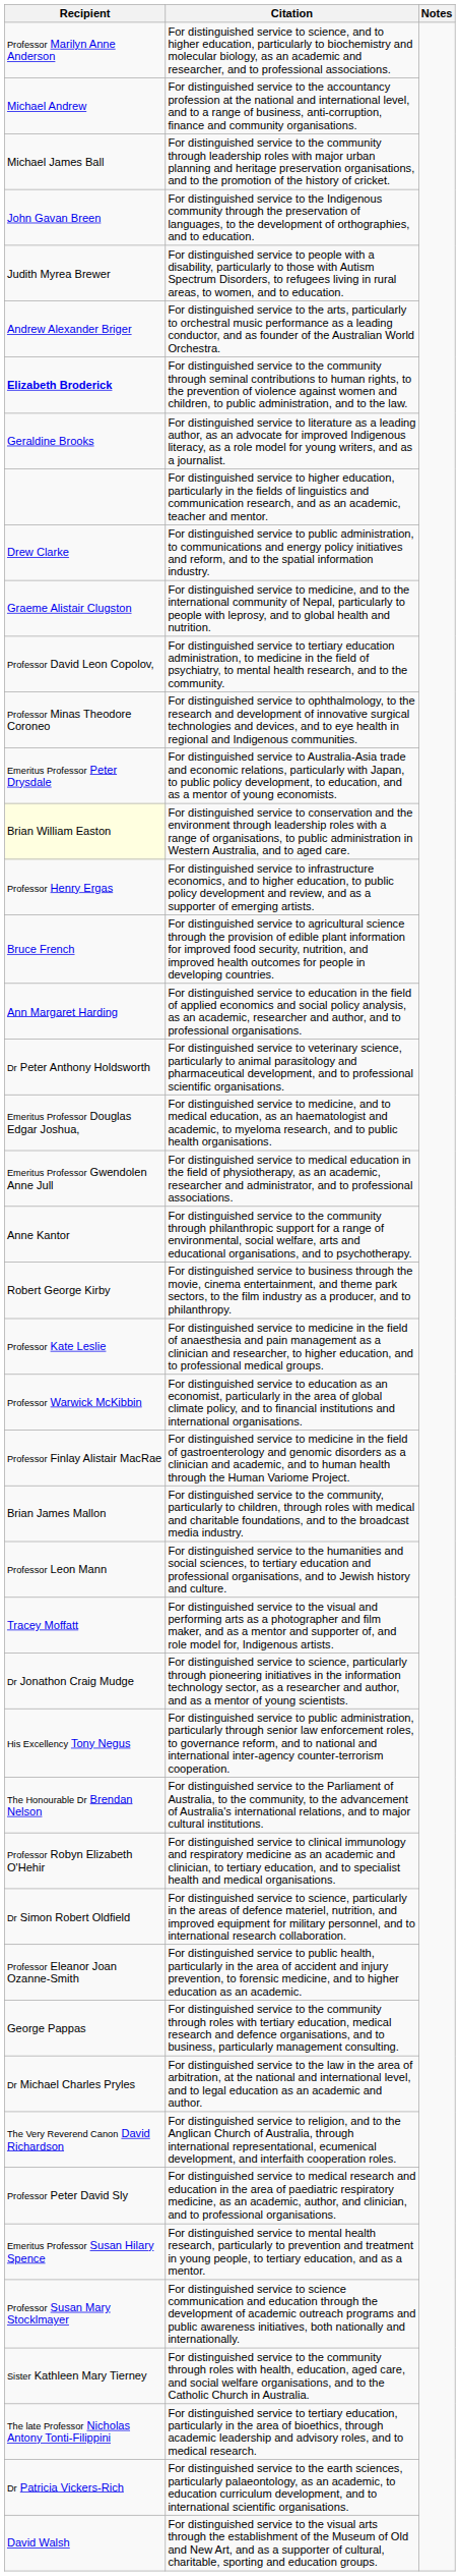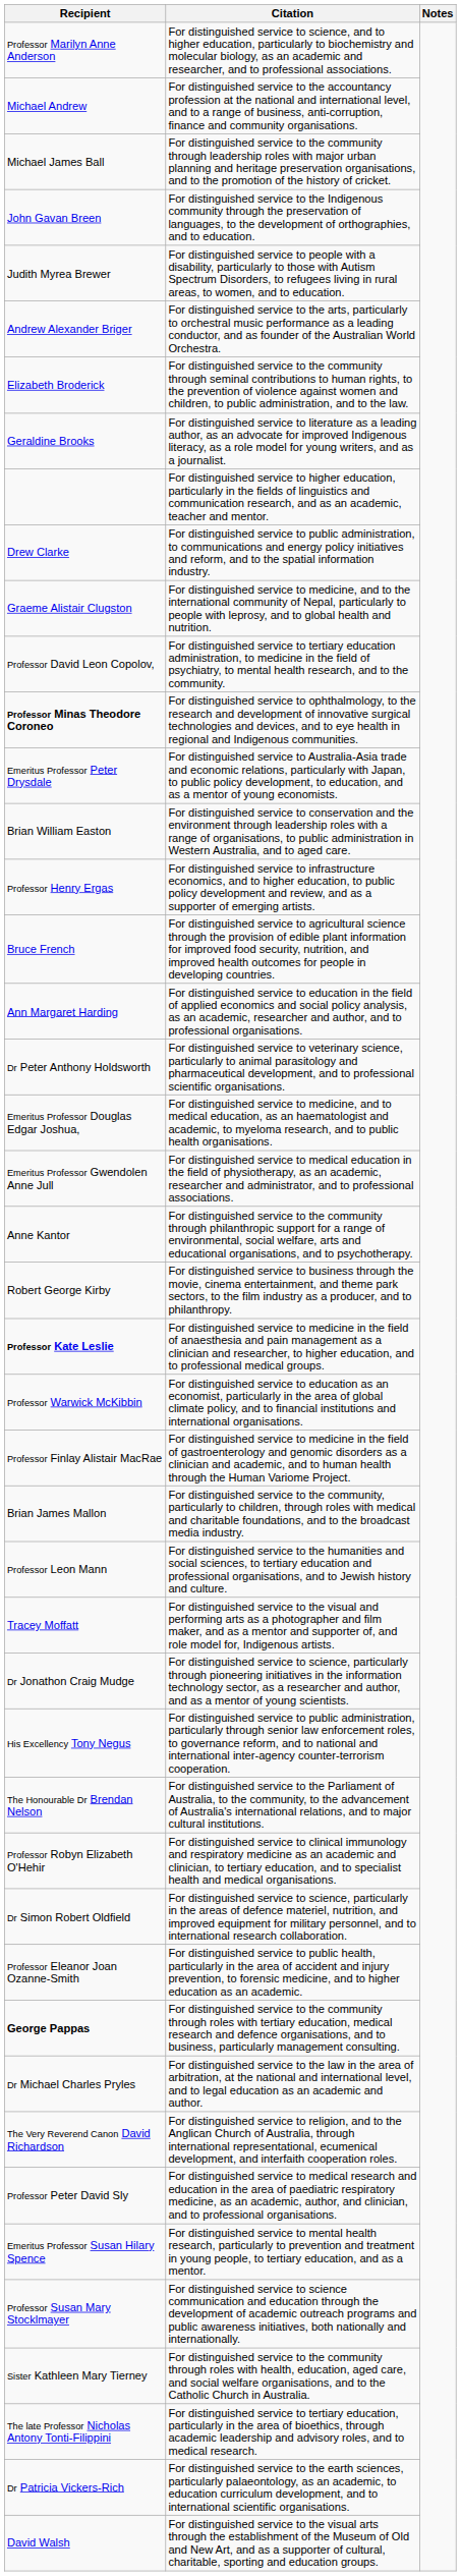 <table class="wikitable" style="font-size:95%;">
 <tr>
 <th width="210">Recipient</th>
 <th>Citation</th>
 <th>Notes</th>
 </tr>
 <tr>
 <td><small>Professor</small> <a href='#'>Marilyn Anne Anderson</a></td>
 <td>For distinguished service to science, and to higher education, particularly to biochemistry and molecular biology, as an academic and researcher, and to professional associations.</td>
 <td rowspan=45></td>
 </tr>
 <tr>
 <td><a href='#'>Michael Andrew</a></td>
 <td>For distinguished service to the accountancy profession at the national and international level, and to a range of business, anti-corruption, finance and community organisations.</td>
 </tr>
 <tr>
 <td>Michael James Ball </td>
 <td>For distinguished service to the community through leadership roles with major urban planning and heritage preservation organisations, and to the promotion of the history of cricket.</td>
 </tr>
 <tr>
 <td><a href='#'>John Gavan Breen</a></td>
 <td>For distinguished service to the Indigenous community through the preservation of languages, to the development of orthographies, and to education.</td>
 </tr>
 <tr>
 <td>Judith Myrea Brewer</td>
 <td>For distinguished service to people with a disability, particularly to those with Autism Spectrum Disorders, to refugees living in rural areas, to women, and to education.</td>
 </tr>
 <tr>
 <td><a href='#'>Andrew Alexander Briger</a></td>
 <td>For distinguished service to the arts, particularly to orchestral music performance as a leading conductor, and as founder of the Australian World Orchestra.</td>
 </tr>
 <tr>
-<td><strong><a href='#'>Elizabeth Broderick</a></strong></td>
+<td><a href='#'>Elizabeth Broderick</a></td>
 <td>For distinguished service to the community through seminal contributions to human rights, to the prevention of violence against women and children, to public administration, and to the law.</td>
 </tr>
 <tr>
 <td><a href='#'>Geraldine Brooks</a></td>
 <td>For distinguished service to literature as a leading author, as an advocate for improved Indigenous literacy, as a role model for young writers, and as a journalist.</td>
 </tr>
 <tr>
 <td></td>
 <td>For distinguished service to higher education, particularly in the fields of linguistics and communication research, and as an academic, teacher and mentor.</td>
 </tr>
 <tr>
 <td><a href='#'>Drew Clarke</a> </td>
 <td>For distinguished service to public administration, to communications and energy policy initiatives and reform, and to the spatial information industry.</td>
 </tr>
 <tr>
 <td><a href='#'>Graeme Alistair Clugston</a></td>
 <td>For distinguished service to medicine, and to the international community of Nepal, particularly to people with leprosy, and to global health and nutrition.</td>
 </tr>
 <tr>
 <td><small>Professor</small> David Leon Copolov, </td>
 <td>For distinguished service to tertiary education administration, to medicine in the field of psychiatry, to mental health research, and to the community.</td>
 </tr>
 <tr>
-<td><small>Professor</small> Minas Theodore Coroneo</td>
+<td><strong><small>Professor</small> Minas Theodore Coroneo</strong></td>
 <td>For distinguished service to ophthalmology, to the research and development of innovative surgical technologies and devices, and to eye health in regional and Indigenous communities.</td>
 </tr>
 <tr>
 <td><small>Emeritus Professor</small> <a href='#'>Peter Drysdale</a> </td>
 <td>For distinguished service to Australia-Asia trade and economic relations, particularly with Japan, to public policy development, to education, and as a mentor of young economists.</td>
 </tr>
 <tr>
-<td style="background: lightyellow;">Brian William Easton</td>
+<td>Brian William Easton</td>
 <td>For distinguished service to conservation and the environment through leadership roles with a range of organisations, to public administration in Western Australia, and to aged care.</td>
 </tr>
 <tr>
 <td><small>Professor</small> <a href='#'>Henry Ergas</a></td>
 <td>For distinguished service to infrastructure economics, and to higher education, to public policy development and review, and as a supporter of emerging artists.</td>
 </tr>
 <tr>
 <td><a href='#'>Bruce French</a></td>
 <td>For distinguished service to agricultural science through the provision of edible plant information for improved food security, nutrition, and improved health outcomes for people in developing countries.</td>
 </tr>
 <tr>
 <td><a href='#'>Ann Margaret Harding</a></td>
 <td>For distinguished service to education in the field of applied economics and social policy analysis, as an academic, researcher and author, and to professional organisations.</td>
 </tr>
 <tr>
 <td><small>Dr</small> Peter Anthony Holdsworth</td>
 <td>For distinguished service to veterinary science, particularly to animal parasitology and pharmaceutical development, and to professional scientific organisations.</td>
 </tr>
 <tr>
 <td><small>Emeritus Professor</small> Douglas Edgar Joshua, </td>
 <td>For distinguished service to medicine, and to medical education, as an haematologist and academic, to myeloma research, and to public health organisations.</td>
 </tr>
 <tr>
 <td><small>Emeritus Professor</small> Gwendolen Anne Jull</td>
 <td>For distinguished service to medical education in the field of physiotherapy, as an academic, researcher and administrator, and to professional associations.</td>
 </tr>
 <tr>
 <td>Anne Kantor</td>
 <td>For distinguished service to the community through philanthropic support for a range of environmental, social welfare, arts and educational organisations, and to psychotherapy.</td>
 </tr>
 <tr>
 <td>Robert George Kirby</td>
 <td>For distinguished service to business through the movie, cinema entertainment, and theme park sectors, to the film industry as a producer, and to philanthropy.</td>
 </tr>
 <tr>
-<td><small>Professor</small> <a href='#'>Kate Leslie</a></td>
+<td><strong><small>Professor</small> <a href='#'>Kate Leslie</a></strong></td>
 <td>For distinguished service to medicine in the field of anaesthesia and pain management as a clinician and researcher, to higher education, and to professional medical groups.</td>
 </tr>
 <tr>
 <td><small>Professor</small> <a href='#'>Warwick McKibbin</a></td>
 <td>For distinguished service to education as an economist, particularly in the area of global climate policy, and to financial institutions and international organisations.</td>
 </tr>
 <tr>
 <td><small>Professor</small> Finlay Alistair MacRae</td>
 <td>For distinguished service to medicine in the field of gastroenterology and genomic disorders as a clinician and academic, and to human health through the Human Variome Project.</td>
 </tr>
 <tr>
 <td>Brian James Mallon</td>
 <td>For distinguished service to the community, particularly to children, through roles with medical and charitable foundations, and to the broadcast media industry.</td>
 </tr>
 <tr>
 <td><small>Professor</small> Leon Mann</td>
 <td>For distinguished service to the humanities and social sciences, to tertiary education and professional organisations, and to Jewish history and culture.</td>
 </tr>
 <tr>
 <td><a href='#'>Tracey Moffatt</a></td>
 <td>For distinguished service to the visual and performing arts as a photographer and film maker, and as a mentor and supporter of, and role model for, Indigenous artists.</td>
 </tr>
 <tr>
 <td><small>Dr</small> Jonathon Craig Mudge</td>
 <td>For distinguished service to science, particularly through pioneering initiatives in the information technology sector, as a researcher and author, and as a mentor of young scientists.</td>
 </tr>
 <tr>
 <td><small>His Excellency</small> <a href='#'>Tony Negus</a> </td>
 <td>For distinguished service to public administration, particularly through senior law enforcement roles, to governance reform, and to national and international inter-agency counter-terrorism cooperation.</td>
 </tr>
 <tr>
 <td><small>The Honourable Dr</small> <a href='#'>Brendan Nelson</a></td>
 <td>For distinguished service to the Parliament of Australia, to the community, to the advancement of Australia's international relations, and to major cultural institutions.</td>
 </tr>
 <tr>
 <td><small>Professor</small> Robyn Elizabeth O'Hehir</td>
 <td>For distinguished service to clinical immunology and respiratory medicine as an academic and clinician, to tertiary education, and to specialist health and medical organisations.</td>
 </tr>
 <tr>
 <td><small>Dr</small> Simon Robert Oldfield</td>
 <td>For distinguished service to science, particularly in the areas of defence materiel, nutrition, and improved equipment for military personnel, and to international research collaboration.</td>
 </tr>
 <tr>
 <td><small>Professor</small> Eleanor Joan Ozanne-Smith</td>
 <td>For distinguished service to public health, particularly in the area of accident and injury prevention, to forensic medicine, and to higher education as an academic.</td>
 </tr>
 <tr>
-<td>George Pappas</td>
+<td><strong>George Pappas</strong></td>
 <td>For distinguished service to the community through roles with tertiary education, medical research and defence organisations, and to business, particularly management consulting.</td>
 </tr>
 <tr>
 <td><small>Dr</small> Michael Charles Pryles </td>
 <td>For distinguished service to the law in the area of arbitration, at the national and international level, and to legal education as an academic and author.</td>
 </tr>
 <tr>
 <td><small>The Very Reverend Canon</small> <a href='#'>David Richardson</a> </td>
 <td>For distinguished service to religion, and to the Anglican Church of Australia, through international representational, ecumenical development, and interfaith cooperation roles.</td>
 </tr>
 <tr>
 <td><small>Professor</small> Peter David Sly</td>
 <td>For distinguished service to medical research and education in the area of paediatric respiratory medicine, as an academic, author, and clinician, and to professional organisations.</td>
 </tr>
 <tr>
 <td><small>Emeritus Professor</small> <a href='#'>Susan Hilary Spence</a></td>
 <td>For distinguished service to mental health research, particularly to prevention and treatment in young people, to tertiary education, and as a mentor.</td>
 </tr>
 <tr>
 <td><small>Professor</small> <a href='#'>Susan Mary Stocklmayer</a> </td>
 <td>For distinguished service to science communication and education through the development of academic outreach programs and public awareness initiatives, both nationally and internationally.</td>
 </tr>
 <tr>
 <td><small>Sister</small> Kathleen Mary Tierney</td>
 <td>For distinguished service to the community through roles with health, education, aged care, and social welfare organisations, and to the Catholic Church in Australia.</td>
 </tr>
 <tr>
 <td><small>The late Professor</small> <a href='#'>Nicholas Antony Tonti-Filippini</a></td>
 <td>For distinguished service to tertiary education, particularly in the area of bioethics, through academic leadership and advisory roles, and to medical research.</td>
 </tr>
 <tr>
 <td><small>Dr</small> <a href='#'>Patricia Vickers-Rich</a></td>
 <td>For distinguished service to the earth sciences, particularly palaeontology, as an academic, to education curriculum development, and to international scientific organisations.</td>
 </tr>
 <tr>
 <td><a href='#'>David Walsh</a></td>
 <td>For distinguished service to the visual arts through the establishment of the Museum of Old and New Art, and as a supporter of cultural, charitable, sporting and education groups.</td>
 </tr>
 </table>
